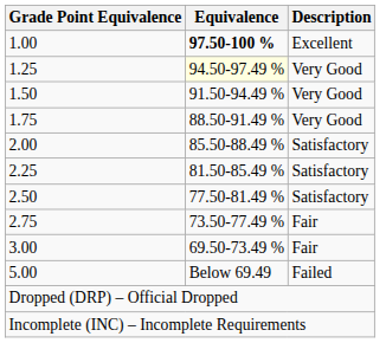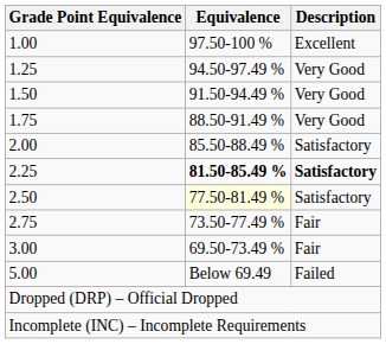 <table class="wikitable">
 <tr>
 <th>Grade  Point Equivalence</th>
 <th>Equivalence</th>
 <th>Description</th>
 </tr>
 <tr>
 <td>1.00</td>
-<td><strong>97.50-100 %</strong></td>
+<td>97.50-100 %</td>
 <td>Excellent</td>
 </tr>
 <tr>
 <td>1.25</td>
-<td style="background: lightyellow;">94.50-97.49 %</td>
+<td>94.50-97.49 %</td>
 <td>Very Good</td>
 </tr>
 <tr>
 <td>1.50</td>
 <td>91.50-94.49 %</td>
 <td>Very Good</td>
 </tr>
 <tr>
 <td>1.75</td>
 <td>88.50-91.49 %</td>
 <td>Very Good</td>
 </tr>
 <tr>
 <td>2.00</td>
 <td>85.50-88.49 %</td>
 <td>Satisfactory</td>
 </tr>
 <tr>
 <td>2.25</td>
-<td>81.50-85.49 %</td>
-<td>Satisfactory</td>
+<td><strong>81.50-85.49 %</strong></td>
+<td><strong>Satisfactory</strong></td>
 </tr>
 <tr>
 <td>2.50</td>
-<td>77.50-81.49 %</td>
+<td style="background: lightyellow;">77.50-81.49 %</td>
 <td>Satisfactory</td>
 </tr>
 <tr>
 <td>2.75</td>
 <td>73.50-77.49 %</td>
 <td>Fair</td>
 </tr>
 <tr>
 <td>3.00</td>
 <td>69.50-73.49 %</td>
 <td>Fair</td>
 </tr>
 <tr>
 <td>5.00</td>
 <td>Below 69.49</td>
 <td>Failed</td>
 </tr>
 <tr>
 <td colspan="3">Dropped (DRP)  – Official Dropped</td>
 </tr>
 <tr>
 <td colspan="3">Incomplete  (INC) – Incomplete Requirements</td>
 </tr>
 </table>
